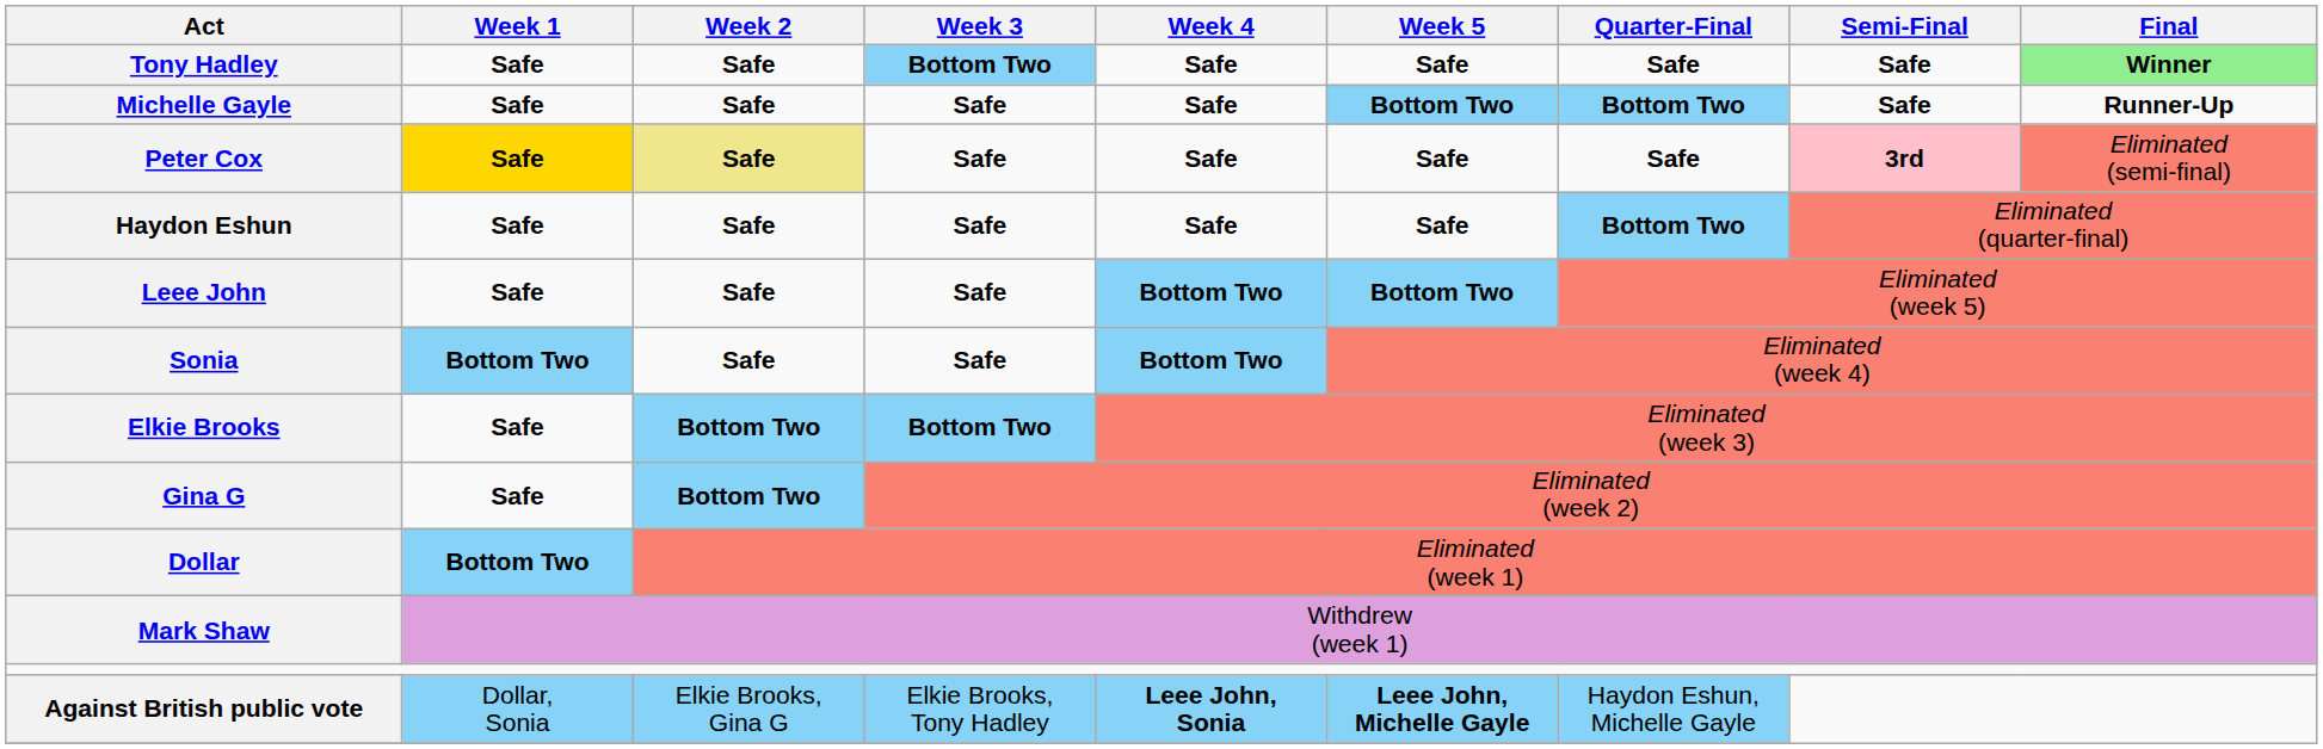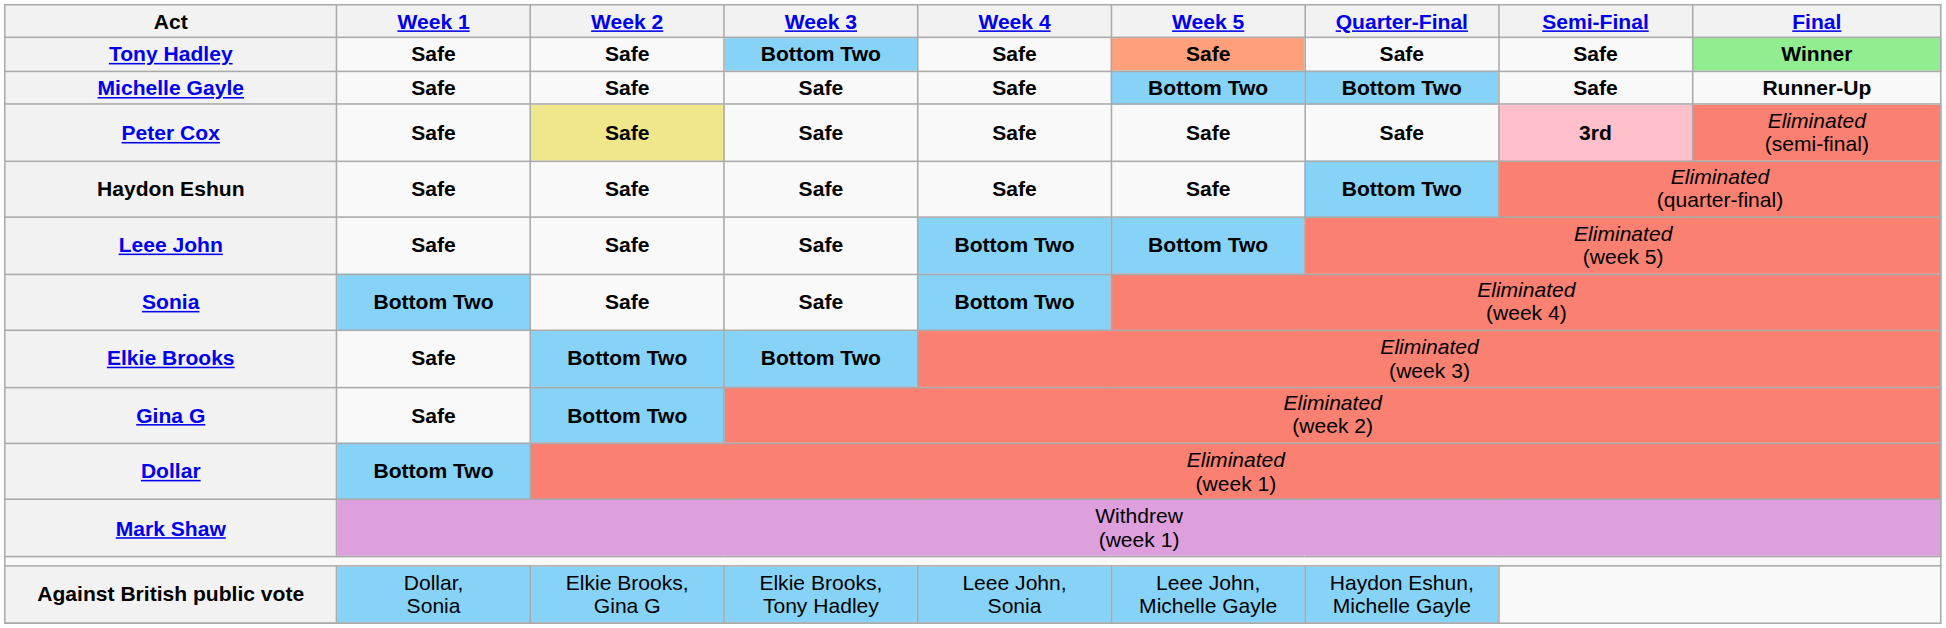 <table class="wikitable" style="text-align:center; font-size:85%">
 <tr>
 <th style="width:12%" colspan=1>Act</th>
 <th style="width:7%"><a href='#'>Week 1</a></th>
 <th style="width:7%"><a href='#'>Week 2</a></th>
 <th style="width:7%"><a href='#'>Week 3</a></th>
 <th style="width:7%"><a href='#'>Week 4</a></th>
 <th style="width:7%"><a href='#'>Week 5</a></th>
 <th style="width:7%"><a href='#'>Quarter-Final</a></th>
 <th style="width:7%"><a href='#'>Semi-Final</a></th>
 <th style="width:9%"><a href='#'>Final</a></th>
 </tr>
 <tr>
 <th><a href='#'>Tony Hadley</a></th>
 <td><strong>Safe</strong></td>
 <td><strong>Safe</strong></td>
 <td style = "background:#87D3F8"><strong>Bottom Two</strong></td>
 <td><strong>Safe</strong></td>
-<td><strong>Safe</strong></td>
+<td style="background: lightsalmon;"><strong>Safe</strong></td>
 <td><strong>Safe</strong></td>
 <td><strong>Safe</strong></td>
 <td style="background:lightgreen"><strong>Winner</strong></td>
 </tr>
 <tr>
 <th><a href='#'>Michelle Gayle</a></th>
 <td><strong>Safe</strong></td>
 <td><strong>Safe</strong></td>
 <td><strong>Safe</strong></td>
 <td><strong>Safe</strong></td>
 <td style = "background:#87D3F8"><strong>Bottom Two</strong></td>
 <td style = "background:#87D3F8"><strong>Bottom Two</strong></td>
 <td><strong>Safe</strong></td>
 <td><strong>Runner-Up</strong></td>
 </tr>
 <tr>
 <th><a href='#'>Peter Cox</a></th>
-<td style="background: gold;"><strong>Safe</strong></td>
+<td><strong>Safe</strong></td>
 <td style="background: khaki;"><strong>Safe</strong></td>
 <td><strong>Safe</strong></td>
 <td><strong>Safe</strong></td>
 <td><strong>Safe</strong></td>
 <td><strong>Safe</strong></td>
 <td style = "background:pink"><strong>3rd</strong></td>
 <td style="background:#FA8072"><em>Eliminated</em><br>(semi-final)</td>
 </tr>
 <tr>
 <th>Haydon Eshun</th>
 <td><strong>Safe</strong></td>
 <td><strong>Safe</strong></td>
 <td><strong>Safe</strong></td>
 <td><strong>Safe</strong></td>
 <td><strong>Safe</strong></td>
 <td style = "background:#87D3F8"><strong>Bottom Two</strong></td>
 <td colspan="4" style="background:#FA8072"><em>Eliminated</em><br>(quarter-final)</td>
 </tr>
 <tr>
 <th><a href='#'>Leee John</a></th>
 <td><strong>Safe</strong></td>
 <td><strong>Safe</strong></td>
 <td><strong>Safe</strong></td>
 <td style = "background:#87D3F8"><strong>Bottom Two</strong></td>
 <td style = "background:#87D3F8"><strong>Bottom Two</strong></td>
 <td colspan="3" style="background:#FA8072"><em>Eliminated</em><br>(week 5)</td>
 </tr>
 <tr>
 <th><a href='#'>Sonia</a></th>
 <td style = "background:#87D3F8"><strong>Bottom Two</strong></td>
 <td><strong>Safe</strong></td>
 <td><strong>Safe</strong></td>
 <td style = "background:#87D3F8"><strong>Bottom Two</strong></td>
 <td colspan="4" style="background:#FA8072"><em>Eliminated</em><br>(week 4)</td>
 </tr>
 <tr>
 <th><a href='#'>Elkie Brooks</a></th>
 <td><strong>Safe</strong></td>
 <td style = "background:#87D3F8"><strong>Bottom Two</strong></td>
 <td style = "background:#87D3F8"><strong>Bottom Two</strong></td>
 <td colspan="5" style="background:#FA8072"><em>Eliminated</em><br>(week 3)</td>
 </tr>
 <tr>
 <th><a href='#'>Gina G</a></th>
 <td><strong>Safe</strong></td>
 <td style = "background:#87D3F8"><strong>Bottom Two</strong></td>
 <td colspan="6" style="background:#FA8072"><em>Eliminated</em><br>(week 2)</td>
 </tr>
 <tr>
 <th><a href='#'>Dollar</a></th>
 <td style = "background:#87D3F8"><strong>Bottom Two</strong></td>
 <td colspan="7" style="background:#FA8072"><em>Eliminated</em><br>(week 1)</td>
 </tr>
 <tr>
 <th><a href='#'>Mark Shaw</a></th>
 <td colspan="8" style="background:plum;">Withdrew<br>(week 1)</td>
 </tr>
 <tr>
 <td colspan="10"></td>
 </tr>
 <tr>
 <th colspan=1>Against British public vote</th>
 <td style   = "background:#87D3F8">Dollar,<br>Sonia</td>
 <td style   = "background:#87D3F8">Elkie Brooks,<br>Gina G</td>
 <td style   = "background:#87D3F8">Elkie Brooks,<br>Tony Hadley</td>
-<td style   = "background:#87D3F8"><strong>Leee John,<br>Sonia</strong></td>
-<td style   = "background:#87D3F8"><strong>Leee John,<br>Michelle Gayle</strong></td>
+<td style   = "background:#87D3F8">Leee John,<br>Sonia</td>
+<td style   = "background:#87D3F8">Leee John,<br>Michelle Gayle</td>
 <td style   = "background:#87D3F8">Haydon Eshun,<br>Michelle Gayle</td>
 </tr>
 <tr>
 </tr>
 </table>
